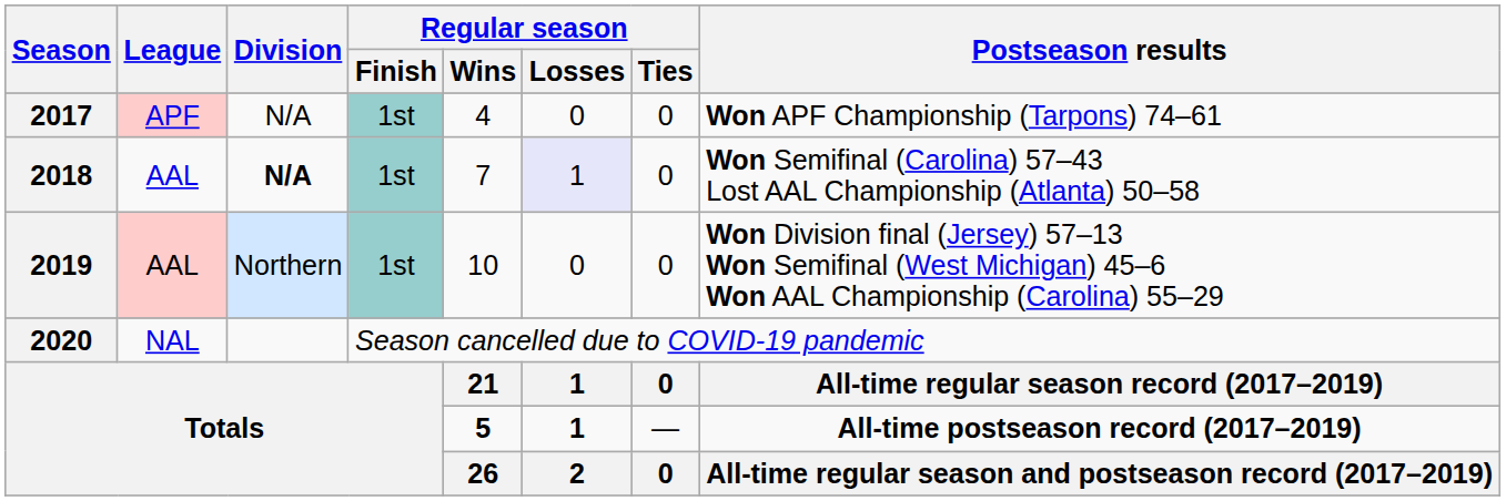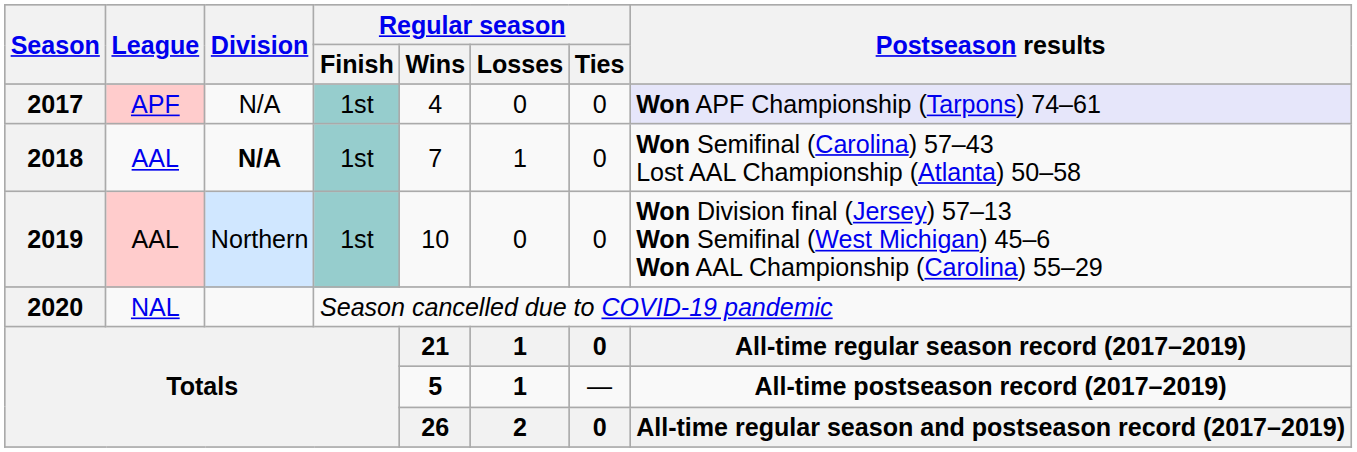 <table class="wikitable" style="text-align:center; font-size: 95%;">
 <tr>
 <th rowspan="2"><a href='#'>Season</a></th>
 <th rowspan="2"><a href='#'>League</a></th>
 <th rowspan="2"><a href='#'>Division</a></th>
 <th colspan="4"><a href='#'>Regular season</a></th>
 <th rowspan="2"><a href='#'>Postseason</a> results</th>
 </tr>
 <tr>
 <th>Finish</th>
 <th>Wins</th>
 <th>Losses</th>
 <th>Ties</th>
 </tr>
 <tr>
 <th>2017</th>
 <td bgcolor=#fcc><a href='#'>APF</a></td>
 <td>N/A</td>
 <td bgcolor=#96cdcd>1st</td>
 <td>4</td>
 <td>0</td>
 <td>0</td>
-<td align=left><strong>Won</strong> APF Championship (<a href='#'>Tarpons</a>) 74–61</td>
+<td align=left style="background: lavender;"><strong>Won</strong> APF Championship (<a href='#'>Tarpons</a>) 74–61</td>
 </tr>
 <tr>
 <th>2018</th>
 <td><a href='#'>AAL</a></td>
 <td><strong>N/A</strong></td>
 <td bgcolor=#96cdcd>1st</td>
 <td>7</td>
-<td style="background: lavender;">1</td>
+<td>1</td>
 <td>0</td>
 <td align=left><strong>Won</strong> Semifinal (<a href='#'>Carolina</a>) 57–43<br>Lost AAL Championship (<a href='#'>Atlanta</a>) 50–58</td>
 </tr>
 <tr>
 <th>2019</th>
 <td bgcolor=#fcc>AAL</td>
 <td bgcolor=#d0e7ff>Northern</td>
 <td bgcolor=#96cdcd>1st</td>
 <td>10</td>
 <td>0</td>
 <td>0</td>
 <td align=left><strong>Won</strong> Division final (<a href='#'>Jersey</a>) 57–13<br><strong>Won</strong> Semifinal (<a href='#'>West Michigan</a>) 45–6<br><strong>Won</strong> AAL Championship (<a href='#'>Carolina</a>) 55–29</td>
 </tr>
 <tr>
 <th>2020</th>
 <td><a href='#'>NAL</a></td>
 <td></td>
 <td colspan=6; align=left><em>Season cancelled due to <a href='#'>COVID-19 pandemic</a></em></td>
 </tr>
 <tr>
 <th rowspan="3" colspan="4">Totals</th>
 <th>21</th>
 <th>1</th>
 <th>0</th>
 <th>All-time regular season record (2017–2019)</th>
 </tr>
 <tr>
 <td><strong>5</strong></td>
 <td><strong>1</strong></td>
 <td>—</td>
 <td><strong>All-time postseason record (2017–2019)</strong></td>
 </tr>
 <tr>
 <th>26</th>
 <th>2</th>
 <th>0</th>
 <th>All-time regular season and postseason record (2017–2019)</th>
 </tr>
 </table>
